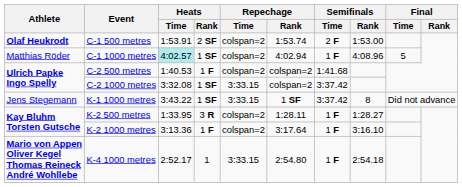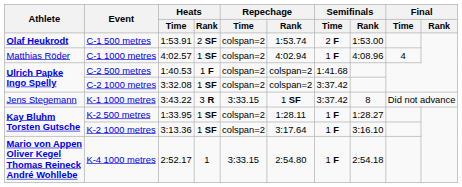 <table class=wikitable style="font-size:90%">
 <tr>
 <th rowspan="2">Athlete</th>
 <th rowspan="2">Event</th>
 <th colspan=2>Heats</th>
 <th colspan=2>Repechage</th>
 <th colspan=2>Semifinals</th>
 <th colspan=2>Final</th>
 </tr>
 <tr style="font-size:95%">
 <th>Time</th>
 <th>Rank</th>
 <th>Time</th>
 <th>Rank</th>
 <th>Time</th>
 <th>Rank</th>
 <th>Time</th>
 <th>Rank</th>
 </tr>
 <tr align=center>
 <td align=left><strong><a href='#'>Olaf Heukrodt</a></strong></td>
 <td align=left><a href='#'>C-1 500 metres</a></td>
 <td>1:53.91</td>
 <td>2 <strong>SF</strong></td>
 <td>colspan=2</td>
 <td>1:53.74</td>
 <td>2 <strong>F</strong></td>
 <td>1:53.00</td>
 <td></td>
 </tr>
 <tr align=center>
 <td align=left><a href='#'>Matthias Röder</a></td>
 <td align=left><a href='#'>C-1 1000 metres</a></td>
-<td style="background: paleturquoise;">4:02.57</td>
+<td>4:02.57</td>
 <td>1 <strong>SF</strong></td>
 <td>colspan=2</td>
 <td>4:02.94</td>
 <td>1 <strong>F</strong></td>
 <td>4:08.96</td>
-<td>5</td>
+<td>4</td>
 </tr>
 <tr align=center>
 <td align=left rowspan=2><strong><a href='#'>Ulrich Papke</a><br><a href='#'>Ingo Spelly</a></strong></td>
 <td align=left><a href='#'>C-2 500 metres</a></td>
 <td>1:40.53</td>
 <td>1 <strong>F</strong></td>
 <td>colspan=2</td>
 <td>colspan=2</td>
 <td>1:41.68</td>
 <td></td>
 </tr>
 <tr align=center>
 <td align=left><a href='#'>C-2 1000 metres</a></td>
 <td>3:32.08</td>
 <td>1 <strong>SF</strong></td>
-<td>3:33.15</td>
+<td>colspan=2</td>
 <td>colspan=2</td>
 <td>3:37.42</td>
 <td></td>
 </tr>
 <tr align=center>
 <td align=left><a href='#'>Jens Stegemann</a></td>
 <td align=left><a href='#'>K-1 1000 metres</a></td>
 <td>3:43.22</td>
-<td>1 <strong>SF</strong></td>
+<td>3 <strong>R</strong></td>
 <td>3:33.15</td>
 <td>1 <strong>SF</strong></td>
 <td>3:37.42</td>
 <td>8</td>
 <td colspan=2>Did not advance</td>
 </tr>
 <tr align=center>
 <td align=left rowspan=2><strong><a href='#'>Kay Bluhm</a><br><a href='#'>Torsten Gutsche</a></strong></td>
 <td align=left><a href='#'>K-2 500 metres</a></td>
 <td>1:33.95</td>
-<td>3 <strong>R</strong></td>
+<td>1 <strong>SF</strong></td>
 <td>colspan=2</td>
 <td>1:28.11</td>
 <td>1 <strong>F</strong></td>
 <td>1:28.27</td>
 <td></td>
 </tr>
 <tr align=center>
 <td align=left><a href='#'>K-2 1000 metres</a></td>
 <td>3:13.36</td>
-<td>1 <strong>F</strong></td>
+<td>1 <strong>SF</strong></td>
 <td>colspan=2</td>
 <td>3:17.64</td>
 <td>1 <strong>F</strong></td>
 <td>3:16.10</td>
 <td></td>
 </tr>
 <tr align=center>
 <td align=left><strong><a href='#'>Mario von Appen</a><br><a href='#'>Oliver Kegel</a><br><a href='#'>Thomas Reineck</a><br><a href='#'>André Wohllebe</a></strong></td>
 <td align=left><a href='#'>K-4 1000 metres</a></td>
 <td>2:52.17</td>
 <td>1</td>
 <td>3:33.15</td>
 <td>2:54.80</td>
 <td>1 <strong>F</strong></td>
 <td>2:54.18</td>
 <td></td>
 </tr>
 </table>
